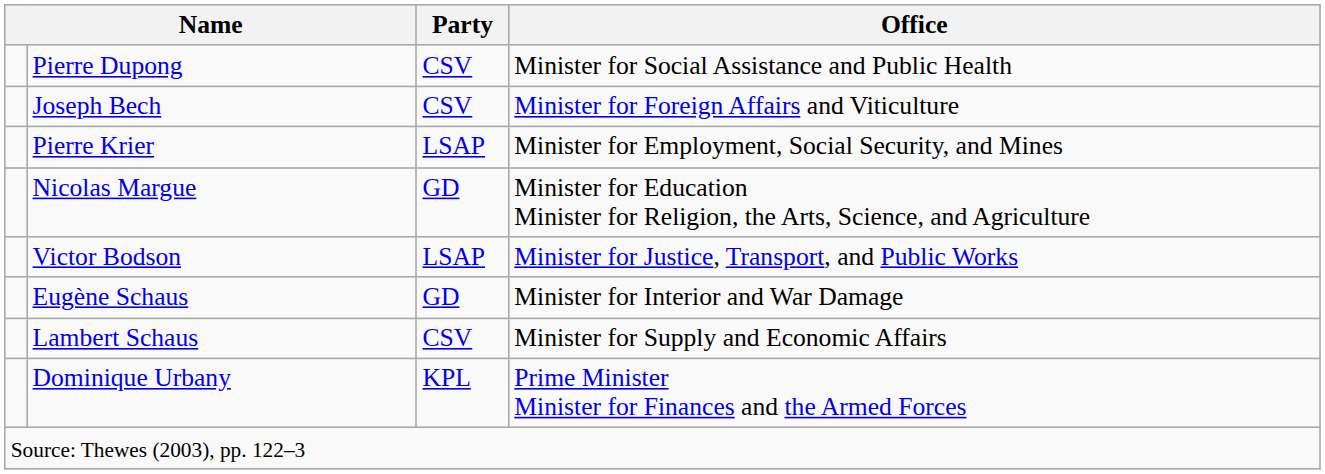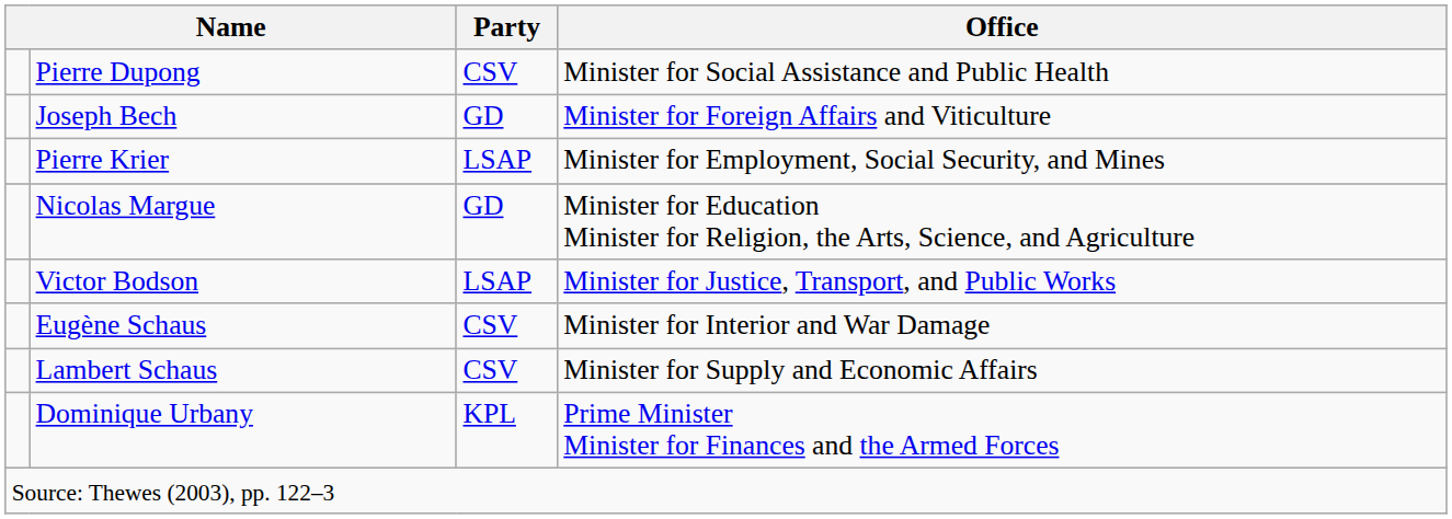 <table class="wikitable">
 <tr>
 <th colspan=2 width=250px>Name</th>
 <th width=50px>Party</th>
 <th width=500px>Office</th>
 </tr>
 <tr>
 <td style="background-color: "></td>
 <td valign=top><a href='#'>Pierre Dupong</a></td>
 <td valign=top><a href='#'>CSV</a></td>
 <td>Minister for Social Assistance and Public Health</td>
 </tr>
 <tr>
 <td style="background-color: "></td>
 <td valign=top><a href='#'>Joseph Bech</a></td>
-<td valign=top><a href='#'>CSV</a></td>
+<td valign=top><a href='#'>GD</a></td>
 <td><a href='#'>Minister for Foreign Affairs</a> and Viticulture</td>
 </tr>
 <tr>
 <td style="background-color: "></td>
 <td valign=top><a href='#'>Pierre Krier</a></td>
 <td valign=top><a href='#'>LSAP</a></td>
 <td>Minister for Employment, Social Security, and Mines</td>
 </tr>
 <tr>
 <td style="background-color: "></td>
 <td valign=top><a href='#'>Nicolas Margue</a></td>
 <td valign=top><a href='#'>GD</a></td>
 <td>Minister for Education <br> Minister for Religion, the Arts, Science, and Agriculture</td>
 </tr>
 <tr>
 <td style="background-color: "></td>
 <td valign=top><a href='#'>Victor Bodson</a></td>
 <td valign=top><a href='#'>LSAP</a></td>
 <td><a href='#'>Minister for Justice</a>, <a href='#'>Transport</a>, and <a href='#'>Public Works</a></td>
 </tr>
 <tr>
 <td style="background-color: "></td>
 <td valign=top><a href='#'>Eugène Schaus</a></td>
-<td valign=top><a href='#'>GD</a></td>
+<td valign=top><a href='#'>CSV</a></td>
 <td>Minister for Interior and War Damage</td>
 </tr>
 <tr>
 <td style="background-color: "></td>
 <td valign=top><a href='#'>Lambert Schaus</a></td>
 <td valign=top><a href='#'>CSV</a></td>
 <td>Minister for Supply and Economic Affairs</td>
 </tr>
 <tr>
 <td style="background-color: "></td>
 <td valign=top><a href='#'>Dominique Urbany</a></td>
 <td valign=top><a href='#'>KPL</a></td>
 <td><a href='#'>Prime Minister</a> <br> <a href='#'>Minister for Finances</a> and <a href='#'>the Armed Forces</a></td>
 </tr>
 <tr>
 <td colspan=4><small> Source: Thewes (2003), pp. 122–3</small></td>
 </tr>
 </table>
